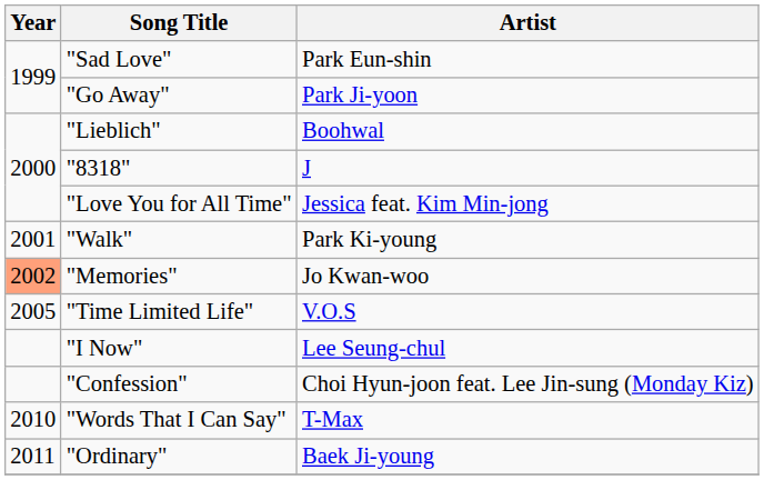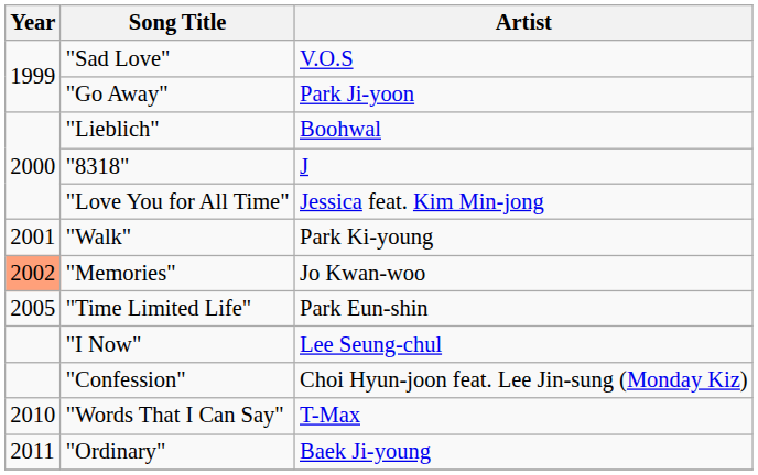 <table class="wikitable sortable">
 <tr>
 <th>Year</th>
 <th>Song Title</th>
 <th>Artist</th>
 </tr>
 <tr>
 <td rowspan=2>1999</td>
 <td> "Sad Love"</td>
-<td>Park Eun-shin</td>
+<td><a href='#'>V.O.S</a></td>
 </tr>
 <tr>
 <td> "Go Away"</td>
 <td><a href='#'>Park Ji-yoon</a></td>
 </tr>
 <tr>
 <td rowspan=3>2000</td>
 <td> "Lieblich"</td>
 <td><a href='#'>Boohwal</a></td>
 </tr>
 <tr>
 <td>"8318"</td>
 <td><a href='#'>J</a></td>
 </tr>
 <tr>
 <td>"Love You for All Time"</td>
 <td><a href='#'>Jessica</a> feat. <a href='#'>Kim Min-jong</a></td>
 </tr>
 <tr>
 <td>2001</td>
 <td> "Walk"</td>
 <td>Park Ki-young</td>
 </tr>
 <tr>
 <td style="background: lightsalmon;">2002</td>
 <td> "Memories"</td>
 <td>Jo Kwan-woo</td>
 </tr>
 <tr>
 <td>2005</td>
 <td> "Time Limited Life"</td>
-<td><a href='#'>V.O.S</a></td>
+<td>Park Eun-shin</td>
 </tr>
 <tr>
 <td></td>
 <td> "I Now"</td>
 <td><a href='#'>Lee Seung-chul</a></td>
 </tr>
 <tr>
 <td></td>
 <td> "Confession"</td>
 <td>Choi Hyun-joon feat. Lee Jin-sung (<a href='#'>Monday Kiz</a>)</td>
 </tr>
 <tr>
 <td>2010</td>
 <td> "Words That I Can Say"</td>
 <td><a href='#'>T-Max</a></td>
 </tr>
 <tr>
 <td>2011</td>
 <td> "Ordinary"</td>
 <td><a href='#'>Baek Ji-young</a></td>
 </tr>
 <tr>
 </tr>
 </table>
